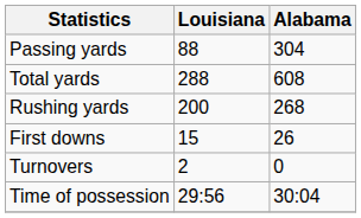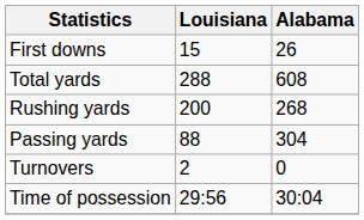 <table class="wikitable">
 <tr>
 <th>Statistics</th>
 <th>Louisiana</th>
 <th>Alabama</th>
 </tr>
 <tr>
-<td>Passing yards</td>
-<td>88</td>
-<td>304</td>
+<td>First downs</td>
+<td>15</td>
+<td>26</td>
 </tr>
 <tr>
 <td>Total yards</td>
 <td>288</td>
 <td>608</td>
 </tr>
 <tr>
 <td>Rushing yards</td>
 <td>200</td>
 <td>268</td>
 </tr>
 <tr>
-<td>First downs</td>
-<td>15</td>
-<td>26</td>
+<td>Passing yards</td>
+<td>88</td>
+<td>304</td>
 </tr>
 <tr>
 <td>Turnovers</td>
 <td>2</td>
 <td>0</td>
 </tr>
 <tr>
 <td>Time of possession</td>
 <td>29:56</td>
 <td>30:04</td>
 </tr>
 <tr>
 </tr>
 </table>
